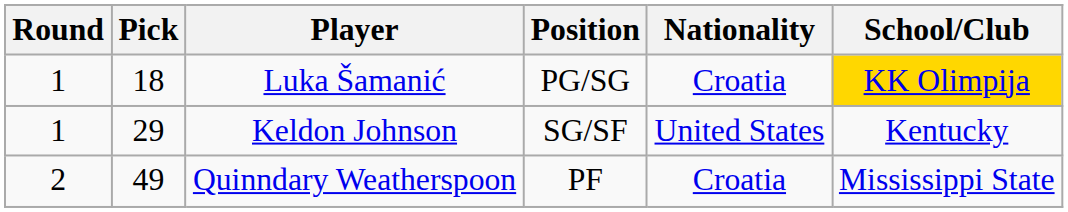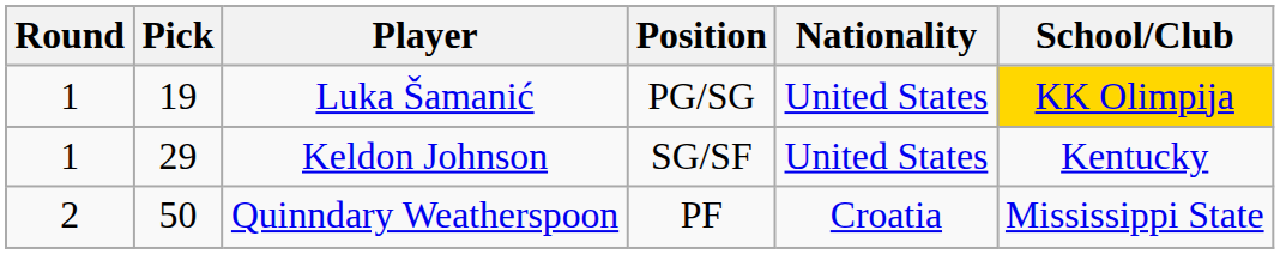 <table class="wikitable sortable sortable"  style="text-align: center">
 <tr>
 <th>Round</th>
 <th>Pick</th>
 <th>Player</th>
 <th>Position</th>
 <th>Nationality</th>
 <th>School/Club</th>
 </tr>
 <tr>
 <td>1</td>
-<td>18</td>
+<td>19</td>
 <td><a href='#'>Luka Šamanić</a></td>
 <td>PG/SG</td>
-<td> <a href='#'>Croatia</a></td>
+<td> <a href='#'>United States</a></td>
 <td style="background: gold;"><a href='#'>KK Olimpija</a></td>
 </tr>
 <tr>
 <td>1</td>
 <td>29</td>
 <td><a href='#'>Keldon Johnson</a></td>
 <td>SG/SF</td>
 <td> <a href='#'>United States</a></td>
 <td><a href='#'>Kentucky</a></td>
 </tr>
 <tr>
 <td>2</td>
-<td>49</td>
+<td>50</td>
 <td><a href='#'>Quinndary Weatherspoon</a></td>
 <td>PF</td>
 <td> <a href='#'>Croatia</a></td>
 <td><a href='#'>Mississippi State</a></td>
 </tr>
 </table>
